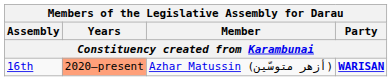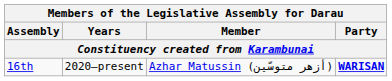 <table class=wikitable>
 <tr>
 <th colspan="4">Members of the Legislative Assembly for Darau</th>
 </tr>
 <tr>
 <th>Assembly</th>
 <th>Years</th>
 <th>Member</th>
 <th>Party</th>
 </tr>
 <tr>
 <th colspan=4 align=center><em>Constituency created from <a href='#'>Karambunai</a></em></th>
 </tr>
 <tr>
 <td><a href='#'>16th</a></td>
-<td style="background: lightsalmon;">2020–present</td>
+<td>2020–present</td>
 <td><a href='#'>Azhar Matussin</a> (أزهر متوسّين)</td>
 <td><strong><a href='#'>WARISAN</a></strong></td>
 </tr>
 </table>
